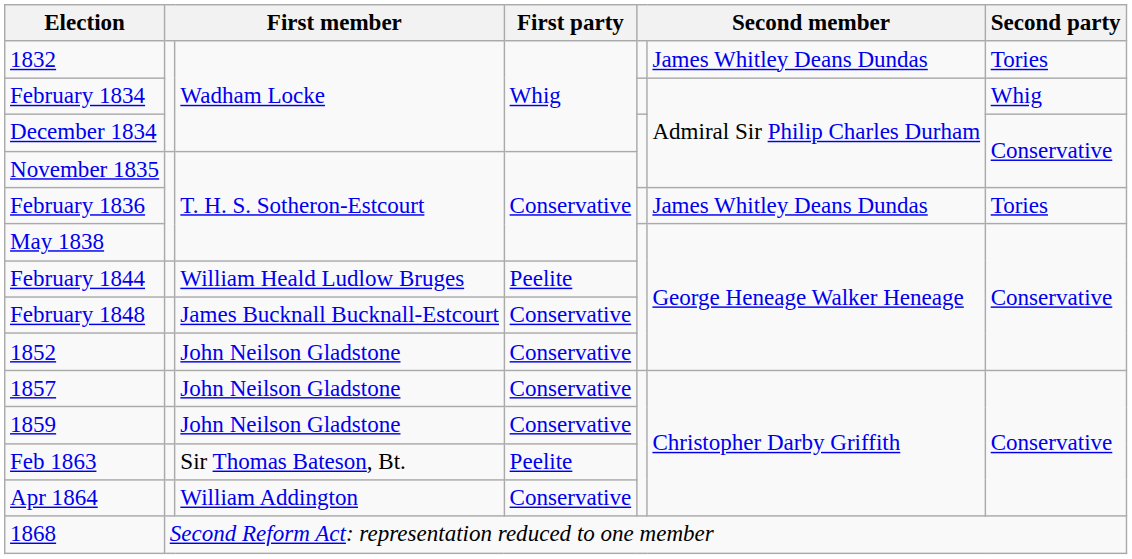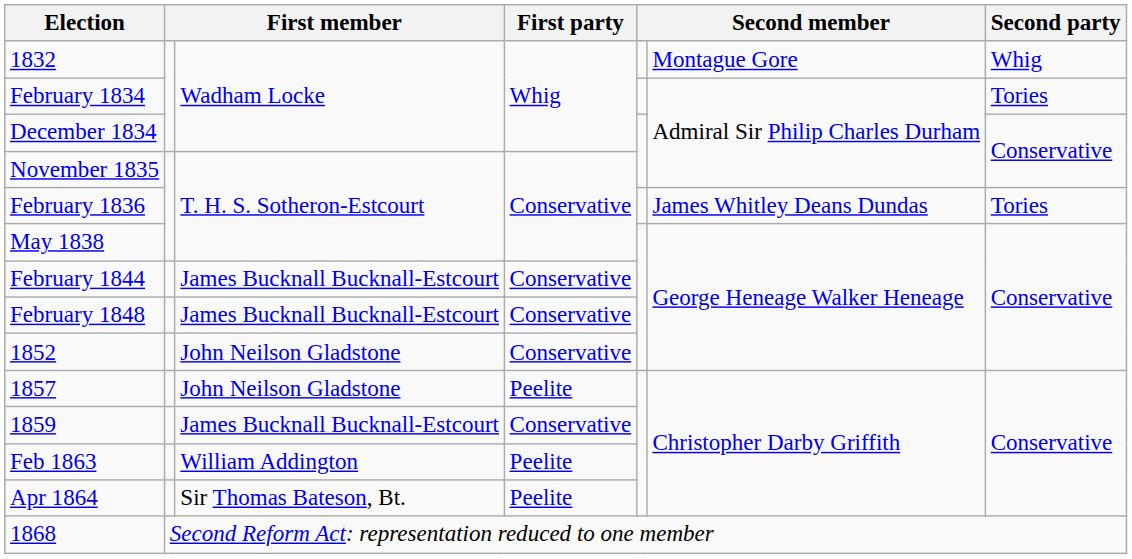 <table class="wikitable">
 <tr>
 <th>Election</th>
 <th colspan="2">First member</th>
 <th>First party</th>
 <th colspan="2">Second member</th>
 <th>Second party</th>
 </tr>
 <tr>
 <td><a href='#'>1832</a></td>
 <td rowspan="3" style="color:inherit;background-color: "></td>
 <td rowspan="3"><a href='#'>Wadham Locke</a>  </td>
 <td rowspan="3"><a href='#'>Whig</a></td>
 <td style="color:inherit;background-color: "></td>
-<td><a href='#'>James Whitley Deans Dundas</a>	</td>
-<td rowspan="1"><a href='#'>Tories</a></td>
+<td><a href='#'>Montague Gore</a>	</td>
+<td><a href='#'>Whig</a></td>
 </tr>
 <tr>
 <td><a href='#'>February 1834</a></td>
 <td rowspan="1" style="color:inherit;background-color: "></td>
 <td rowspan="3">Admiral Sir <a href='#'>Philip Charles Durham</a> 	</td>
-<td><a href='#'>Whig</a></td>
+<td rowspan="1"><a href='#'>Tories</a></td>
 </tr>
 <tr>
 <td><a href='#'>December 1834</a></td>
 <td rowspan="2" style="color:inherit;background-color: "></td>
 <td rowspan="2"><a href='#'>Conservative</a></td>
 </tr>
 <tr>
 <td><a href='#'>November 1835</a></td>
 <td rowspan="3" style="color:inherit;background-color: "></td>
 <td rowspan="3"><a href='#'>T. H. S. Sotheron-Estcourt</a>	</td>
 <td rowspan="3"><a href='#'>Conservative</a></td>
 </tr>
 <tr>
 <td><a href='#'>February 1836</a></td>
 <td style="color:inherit;background-color: "></td>
 <td><a href='#'>James Whitley Deans Dundas</a>	</td>
 <td rowspan="1"><a href='#'>Tories</a></td>
 </tr>
 <tr>
 <td><a href='#'>May 1838</a></td>
 <td rowspan="4" style="color:inherit;background-color: "></td>
 <td rowspan="4"><a href='#'>George Heneage Walker Heneage</a> 	</td>
 <td rowspan="4"><a href='#'>Conservative</a></td>
 </tr>
 <tr>
 <td><a href='#'>February 1844</a></td>
 <td style="color:inherit;background-color: "></td>
-<td><a href='#'>William Heald Ludlow Bruges</a>	</td>
-<td><a href='#'>Peelite</a></td>
+<td><a href='#'>James Bucknall Bucknall-Estcourt</a>	</td>
+<td><a href='#'>Conservative</a></td>
 </tr>
 <tr>
 <td><a href='#'>February 1848</a></td>
 <td style="color:inherit;background-color: "></td>
 <td><a href='#'>James Bucknall Bucknall-Estcourt</a>	</td>
 <td><a href='#'>Conservative</a></td>
 </tr>
 <tr>
 <td><a href='#'>1852</a></td>
 <td style="color:inherit;background-color: "></td>
 <td><a href='#'>John Neilson Gladstone</a>	</td>
 <td><a href='#'>Conservative</a></td>
 </tr>
 <tr>
 <td><a href='#'>1857</a></td>
 <td style="color:inherit;background-color: "></td>
 <td><a href='#'>John Neilson Gladstone</a>	</td>
-<td><a href='#'>Conservative</a></td>
+<td><a href='#'>Peelite</a></td>
 <td rowspan="4" style="color:inherit;background-color: "></td>
 <td rowspan="4"><a href='#'>Christopher Darby Griffith</a> 	</td>
 <td rowspan="4"><a href='#'>Conservative</a></td>
 </tr>
 <tr>
 <td><a href='#'>1859</a></td>
 <td style="color:inherit;background-color: "></td>
-<td><a href='#'>John Neilson Gladstone</a>	</td>
+<td><a href='#'>James Bucknall Bucknall-Estcourt</a>	</td>
 <td><a href='#'>Conservative</a></td>
 </tr>
 <tr>
 <td><a href='#'>Feb 1863</a></td>
 <td style="color:inherit;background-color: "></td>
-<td>Sir <a href='#'>Thomas Bateson</a>, Bt.	</td>
+<td><a href='#'>William Addington</a>	</td>
 <td><a href='#'>Peelite</a></td>
 </tr>
 <tr>
 <td><a href='#'>Apr 1864</a></td>
 <td style="color:inherit;background-color: "></td>
-<td><a href='#'>William Addington</a>	</td>
-<td><a href='#'>Conservative</a></td>
+<td>Sir <a href='#'>Thomas Bateson</a>, Bt.	</td>
+<td><a href='#'>Peelite</a></td>
 </tr>
 <tr>
 <td><a href='#'>1868</a></td>
 <td colspan="6"><em><a href='#'>Second Reform Act</a>: representation reduced to one member</em></td>
 </tr>
 </table>
